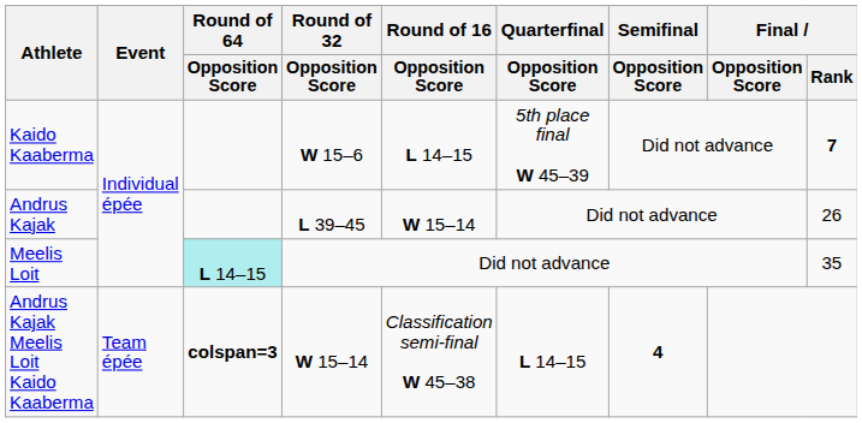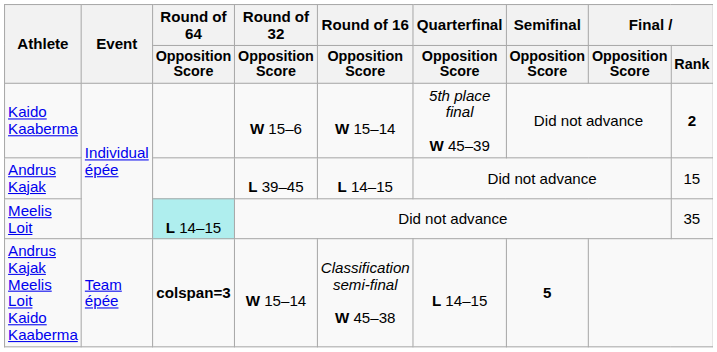 <table class="wikitable" style="font-size:90%">
 <tr>
 <th rowspan="2">Athlete</th>
 <th rowspan="2">Event</th>
 <th>Round of 64</th>
 <th>Round of 32</th>
 <th>Round of 16</th>
 <th>Quarterfinal</th>
 <th>Semifinal</th>
 <th colspan=2>Final / </th>
 </tr>
 <tr style="font-size:95%">
 <th>Opposition <br> Score</th>
 <th>Opposition <br> Score</th>
 <th>Opposition <br> Score</th>
 <th>Opposition <br> Score</th>
 <th>Opposition <br> Score</th>
 <th>Opposition <br> Score</th>
 <th>Rank</th>
 </tr>
 <tr align=center>
 <td align=left><a href='#'>Kaido Kaaberma</a></td>
 <td align=left rowspan=3><a href='#'>Individual épée</a></td>
 <td></td>
 <td><br><strong>W</strong> 15–6</td>
-<td><br><strong>L</strong> 14–15</td>
+<td><br><strong>W</strong> 15–14</td>
 <td><em>5th place final</em><br><br><strong>W</strong> 45–39</td>
 <td colspan=2>Did not advance</td>
-<td><strong>7</strong></td>
+<td><strong>2</strong></td>
 </tr>
 <tr align=center>
 <td align=left><a href='#'>Andrus Kajak</a></td>
 <td></td>
 <td><br><strong>L</strong> 39–45</td>
-<td><br><strong>W</strong> 15–14</td>
+<td><br><strong>L</strong> 14–15</td>
 <td colspan=3>Did not advance</td>
-<td>26</td>
+<td>15</td>
 </tr>
 <tr align=center>
 <td align=left><a href='#'>Meelis Loit</a></td>
 <td style="background: paleturquoise;"><br><strong>L</strong> 14–15</td>
 <td colspan=5>Did not advance</td>
 <td>35</td>
 </tr>
 <tr align=center>
 <td align=left><a href='#'>Andrus Kajak</a><br><a href='#'>Meelis Loit</a><br><a href='#'>Kaido Kaaberma</a></td>
 <td align=left><a href='#'>Team épée</a></td>
 <td><strong>colspan=3 </strong></td>
 <td><br><strong>W</strong> 15–14</td>
 <td><em>Classification semi-final</em><br><br><strong>W</strong> 45–38</td>
 <td><br><strong>L</strong> 14–15</td>
-<td><strong>4</strong></td>
+<td><strong>5</strong></td>
 </tr>
 </table>
